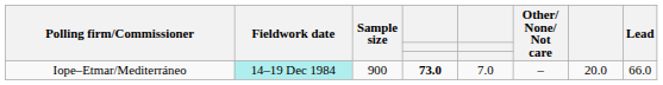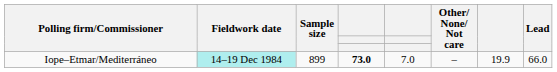 <table class="wikitable collapsible collapsed" style="text-align:center; font-size:90%; line-height:14px;">
 <tr style="height:42px;">
 <th style="width:250px;" rowspan="3">Polling firm/Commissioner</th>
 <th style="width:125px;" rowspan="3">Fieldwork date</th>
 <th style="width:50px;" rowspan="3">Sample size</th>
 <th style="width:55px;"></th>
 <th style="width:55px;"></th>
 <th style="width:55px;" rowspan="3">Other/<br>None/<br>Not<br>care</th>
 <th style="width:55px;" rowspan="3"></th>
 <th style="width:30px;" rowspan="3">Lead</th>
 </tr>
 <tr>
 <th style="color:inherit;background:"></th>
 <th style="color:inherit;background:"></th>
 </tr>
 <tr>
 <th></th>
 <th></th>
 </tr>
 <tr>
 <td>Iope–Etmar/Mediterráneo</td>
 <td style="background: paleturquoise;">14–19 Dec 1984</td>
-<td>900</td>
+<td>899</td>
 <td><strong>73.0</strong></td>
 <td>7.0</td>
 <td>–</td>
-<td>20.0</td>
+<td>19.9</td>
 <td style="background:">66.0</td>
 </tr>
 </table>
